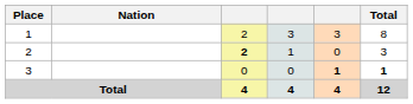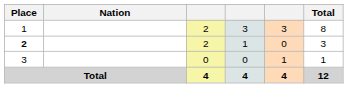 <table class=wikitable style="border:1px solid #AAAAAA;font-size:90%">
 <tr bgcolor="#EFEFEF">
 <th width=50>Place</th>
 <th width=200>Nation</th>
 <th width=50></th>
 <th width=50></th>
 <th width=50></th>
 <th width=50>Total</th>
 </tr>
 <tr align="center" valign="top" bgcolor="#FFFFFF">
 <td>1</td>
 <td align="left"></td>
 <td style="background:#F7F6A8;">2</td>
 <td style="background:#DCE5E5;">3</td>
 <td style="background:#FFDAB9;">3</td>
 <td>8</td>
 </tr>
 <tr align="center" valign="top" bgcolor="#FFFFFF">
-<td>2</td>
+<td><strong>2</strong></td>
 <td align="left"></td>
-<td style="background:#F7F6A8;"><strong>2</strong></td>
+<td style="background:#F7F6A8;">2</td>
 <td style="background:#DCE5E5;">1</td>
 <td style="background:#FFDAB9;">0</td>
 <td>3</td>
 </tr>
 <tr align="center" valign="top" bgcolor="#FFFFFF">
 <td>3</td>
 <td align="left"></td>
 <td style="background:#F7F6A8;">0</td>
 <td style="background:#DCE5E5;">0</td>
-<td style="background:#FFDAB9;"><strong>1</strong></td>
-<td><strong>1</strong></td>
+<td style="background:#FFDAB9;">1</td>
+<td>1</td>
 </tr>
 <tr align="center">
 <td colspan="2" bgcolor=D3D3D3><strong>Total</strong></td>
 <td style="background:#F7F6A8;"><strong>4</strong></td>
 <td style="background:#DCE5E5;"><strong>4</strong></td>
 <td style="background:#FFDAB9;"><strong>4</strong></td>
 <td bgcolor=D3D3D3><strong>12</strong></td>
 </tr>
 </table>
